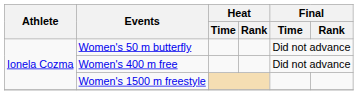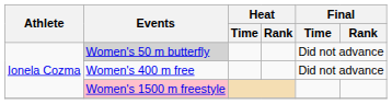 <table class=wikitable style="font-size:90%">
 <tr>
 <th rowspan="2">Athlete</th>
 <th rowspan="2">Events</th>
 <th colspan="2">Heat</th>
 <th colspan="2">Final</th>
 </tr>
 <tr>
 <th>Time</th>
 <th>Rank</th>
 <th>Time</th>
 <th>Rank</th>
 </tr>
 <tr>
 <td rowspan="3"><a href='#'>Ionela Cozma</a></td>
-<td><a href='#'>Women's 50 m butterfly</a></td>
+<td style="background: lightgrey;"><a href='#'>Women's 50 m butterfly</a></td>
 <td></td>
 <td></td>
 <td align=center colspan="2">Did not advance</td>
 </tr>
 <tr>
 <td><a href='#'>Women's 400 m free</a></td>
 <td></td>
 <td></td>
 <td align=center colspan="2">Did not advance</td>
 </tr>
 <tr>
-<td><a href='#'>Women's 1500 m freestyle</a></td>
+<td style="background: pink;"><a href='#'>Women's 1500 m freestyle</a></td>
 <td align=center bgcolor=wheat colspan=2></td>
 <td></td>
 <td></td>
 </tr>
 <tr>
 </tr>
 </table>
